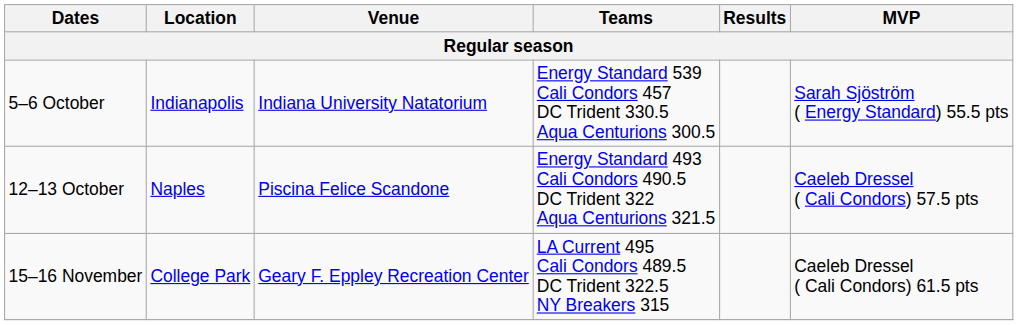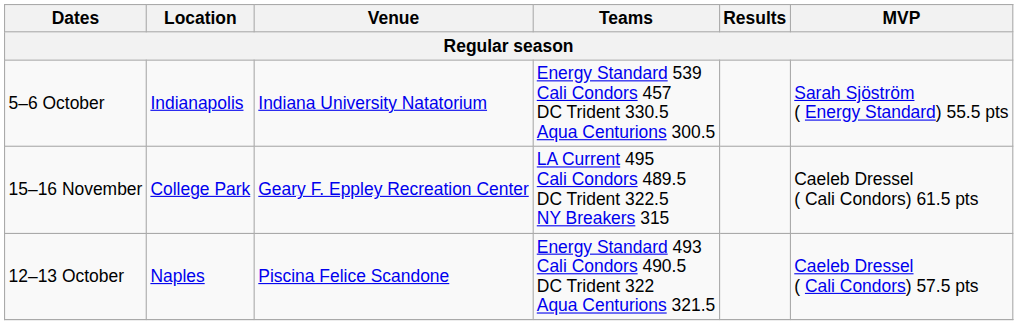 <table class="wikitable">
 <tr>
 <th>Dates</th>
 <th>Location</th>
 <th>Venue</th>
 <th>Teams</th>
 <th>Results</th>
 <th>MVP</th>
 </tr>
 <tr>
 <th colspan="6"><strong>Regular season</strong></th>
 </tr>
 <tr>
 <td>5–6 October</td>
 <td> <a href='#'>Indianapolis</a></td>
 <td><a href='#'>Indiana University Natatorium</a></td>
 <td> <a href='#'>Energy Standard</a> 539<br> <a href='#'>Cali Condors</a> 457<br> DC Trident 330.5<br> <a href='#'>Aqua Centurions</a> 300.5</td>
 <td style="text-align:center"></td>
 <td valign="center"> <a href='#'>Sarah Sjöström</a><br>( <a href='#'>Energy Standard</a>) 55.5 pts</td>
 </tr>
 <tr>
+<td>15–16 November</td>
+<td> <a href='#'>College Park</a></td>
+<td><a href='#'>Geary F. Eppley Recreation Center</a></td>
+<td> <a href='#'>LA Current</a> 495<br> <a href='#'>Cali Condors</a> 489.5<br> DC Trident 322.5<br> <a href='#'>NY Breakers</a> 315</td>
+<td style="text-align:center"></td>
+<td valign="center"> Caeleb Dressel<br>( Cali Condors) 61.5 pts</td>
+</tr>
+<tr>
 <td>12–13 October</td>
 <td> <a href='#'>Naples</a></td>
 <td><a href='#'>Piscina Felice Scandone</a></td>
 <td> <a href='#'>Energy Standard</a> 493<br> <a href='#'>Cali Condors</a> 490.5<br> DC Trident 322<br> <a href='#'>Aqua Centurions</a> 321.5</td>
 <td style="text-align:center"></td>
 <td valign="center"> <a href='#'>Caeleb Dressel</a><br>( <a href='#'>Cali Condors</a>) 57.5 pts</td>
 </tr>
 <tr>
-<td>15–16 November</td>
-<td> <a href='#'>College Park</a></td>
-<td><a href='#'>Geary F. Eppley Recreation Center</a></td>
-<td> <a href='#'>LA Current</a> 495<br> <a href='#'>Cali Condors</a> 489.5<br> DC Trident 322.5<br> <a href='#'>NY Breakers</a> 315</td>
-<td style="text-align:center"></td>
-<td valign="center"> Caeleb Dressel<br>( Cali Condors) 61.5 pts</td>
-</tr>
-<tr>
 </tr>
 </table>
